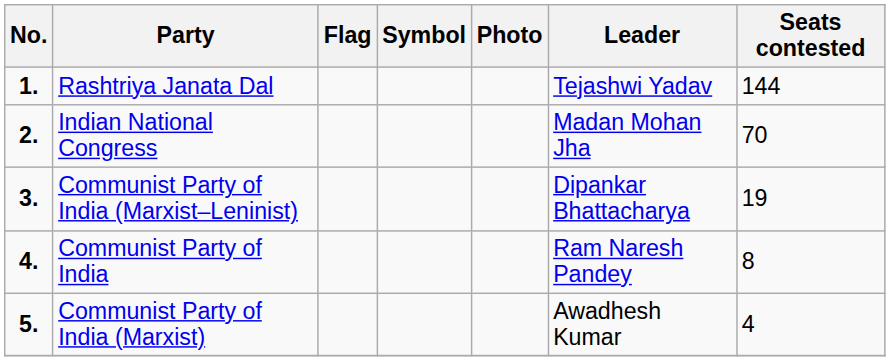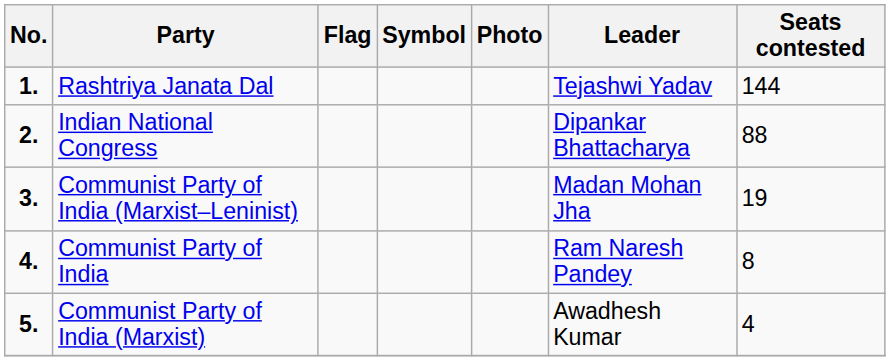 <table class="wikitable">
 <tr>
 <th>No.</th>
 <th>Party</th>
 <th>Flag</th>
 <th>Symbol</th>
 <th>Photo</th>
 <th>Leader</th>
 <th>Seats contested</th>
 </tr>
 <tr>
 <td style="text-align:center; background:"><strong>1.</strong></td>
 <td><a href='#'>Rashtriya Janata Dal</a></td>
 <td></td>
 <td></td>
 <td></td>
 <td><a href='#'>Tejashwi Yadav</a></td>
 <td>144</td>
 </tr>
 <tr>
 <td style="text-align:center; background:"><strong>2.</strong></td>
 <td><a href='#'>Indian National Congress</a></td>
 <td></td>
 <td></td>
 <td></td>
-<td><a href='#'>Madan Mohan Jha</a></td>
-<td>70</td>
+<td><a href='#'>Dipankar Bhattacharya</a></td>
+<td>88</td>
 </tr>
 <tr>
 <td style="text-align:center; background:"><strong>3.</strong></td>
 <td><a href='#'>Communist Party of India (Marxist–Leninist)</a></td>
 <td></td>
 <td></td>
 <td></td>
-<td><a href='#'>Dipankar Bhattacharya</a></td>
+<td><a href='#'>Madan Mohan Jha</a></td>
 <td>19</td>
 </tr>
 <tr>
 <td style="text-align:center; background:"><strong>4.</strong></td>
 <td><a href='#'>Communist Party of India</a></td>
 <td></td>
 <td></td>
 <td></td>
 <td><a href='#'>Ram Naresh Pandey</a></td>
 <td>8</td>
 </tr>
 <tr>
 <td style="text-align:center; background:"><strong>5.</strong></td>
 <td><a href='#'>Communist Party of India (Marxist)</a></td>
 <td></td>
 <td></td>
 <td></td>
 <td>Awadhesh Kumar</td>
 <td>4</td>
 </tr>
 <tr>
 </tr>
 </table>
